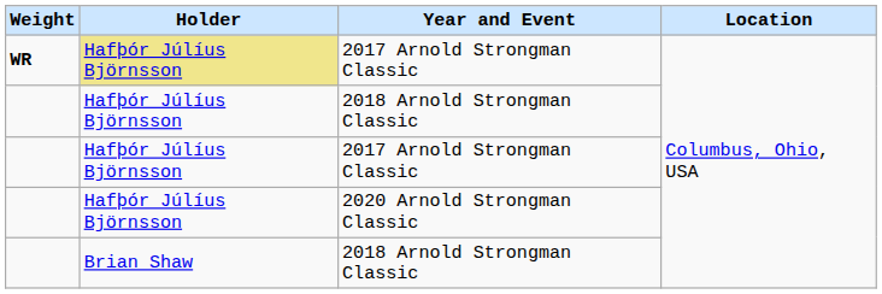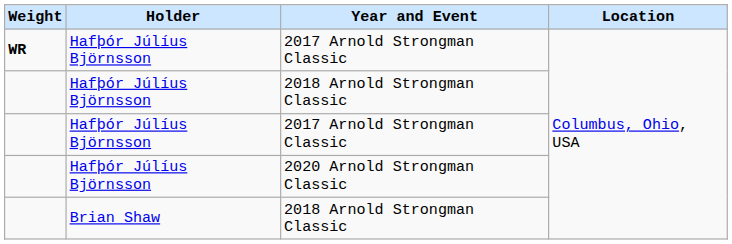 <table class="wikitable sortable" style="display: inline-table;width: 100%;">
 <tr>
 <th style="background: #cce6ff;">Weight</th>
 <th style="background: #cce6ff;">Holder</th>
 <th style="background: #cce6ff;">Year and Event</th>
 <th style="background: #cce6ff;">Location</th>
 </tr>
 <tr>
 <td> <strong>WR</strong></td>
-<td style="background: khaki;"> <a href='#'>Hafþór Júlíus Björnsson</a></td>
+<td> <a href='#'>Hafþór Júlíus Björnsson</a></td>
 <td>2017 Arnold Strongman Classic</td>
 <td rowspan=5><a href='#'>Columbus, Ohio</a>, USA</td>
 </tr>
 <tr>
 <td></td>
 <td> <a href='#'>Hafþór Júlíus Björnsson</a></td>
 <td>2018 Arnold Strongman Classic</td>
 </tr>
 <tr>
 <td></td>
 <td> <a href='#'>Hafþór Júlíus Björnsson</a></td>
 <td>2017 Arnold Strongman Classic</td>
 </tr>
 <tr>
 <td></td>
 <td> <a href='#'>Hafþór Júlíus Björnsson</a></td>
 <td>2020 Arnold Strongman Classic</td>
 </tr>
 <tr>
 <td></td>
 <td> <a href='#'>Brian Shaw</a></td>
 <td>2018 Arnold Strongman Classic</td>
 </tr>
 </table>
